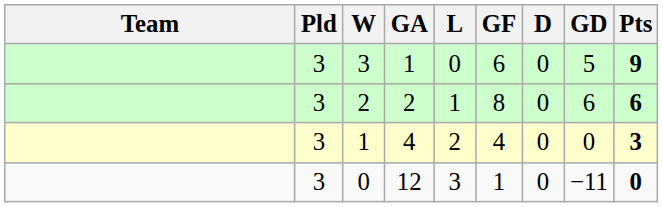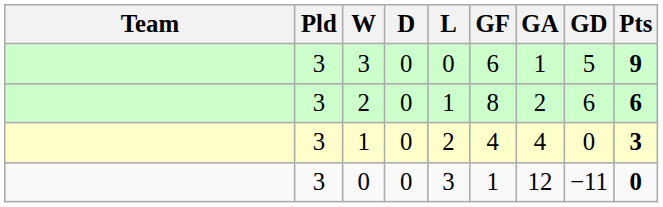 <table class="wikitable" style="text-align:center;">
 <tr>
 <th width=180>Team</th>
 <th width=20>Pld</th>
 <th width=20>W</th>
-<th width=20>GA</th>
+<th width=20>D</th>
 <th width=20>L</th>
 <th width=20>GF</th>
-<th width=20>D</th>
+<th width=20>GA</th>
 <th width=20>GD</th>
 <th width=20>Pts</th>
 </tr>
 <tr bgcolor="ccffcc">
 <td align="left"><em></em></td>
 <td>3</td>
 <td>3</td>
-<td>1</td>
+<td>0</td>
 <td>0</td>
 <td>6</td>
-<td>0</td>
+<td>1</td>
 <td>5</td>
 <td><strong>9</strong></td>
 </tr>
 <tr bgcolor="ccffcc">
 <td align="left"></td>
 <td>3</td>
 <td>2</td>
-<td>2</td>
+<td>0</td>
 <td>1</td>
 <td>8</td>
-<td>0</td>
+<td>2</td>
 <td>6</td>
 <td><strong>6</strong></td>
 </tr>
 <tr bgcolor="ffffcc">
 <td align="left"></td>
 <td>3</td>
 <td>1</td>
-<td>4</td>
+<td>0</td>
 <td>2</td>
 <td>4</td>
-<td>0</td>
+<td>4</td>
 <td>0</td>
 <td><strong>3</strong></td>
 </tr>
 <tr>
 <td align="left"></td>
 <td>3</td>
 <td>0</td>
-<td>12</td>
+<td>0</td>
 <td>3</td>
 <td>1</td>
-<td>0</td>
+<td>12</td>
 <td>−11</td>
 <td><strong>0</strong></td>
 </tr>
 </table>
